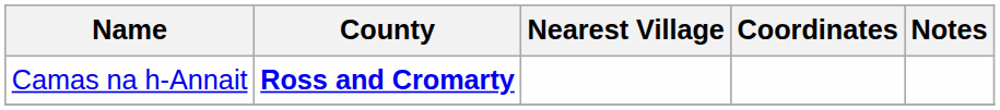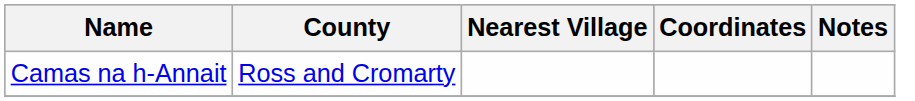 <table class="wikitable sortable" style="table-layout:fixed;background-color:#FEFEFE;font-size:95%;padding:0.30em;line-height:1.35em;">
 <tr>
 <th scope="col">Name</th>
 <th scope="col">County</th>
 <th scope="col">Nearest Village</th>
 <th scope="col" data-sort-type="number">Coordinates</th>
 <th scope="col">Notes</th>
 </tr>
 <tr>
 <td><a href='#'>Camas na h-Annait</a></td>
-<td><strong><a href='#'>Ross and Cromarty</a></strong></td>
+<td><a href='#'>Ross and Cromarty</a></td>
 <td></td>
 <td></td>
 <td></td>
 </tr>
 <tr>
 </tr>
 </table>
